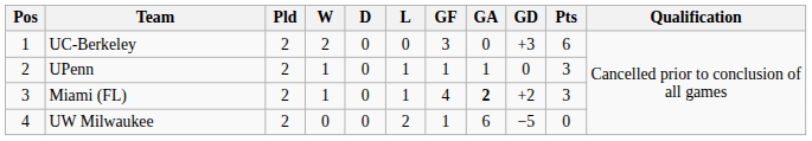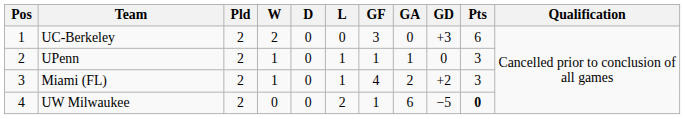 <table class="wikitable" style="text-align:center; margin: 1em auto">
 <tr>
 <th style="width:2em">Pos</th>
 <th style="width:13em">Team</th>
 <th style="width:2em">Pld</th>
 <th style="width:2em">W</th>
 <th style="width:2em">D</th>
 <th style="width:2em">L</th>
 <th style="width:2em">GF</th>
 <th style="width:2em">GA</th>
 <th style="width:2em">GD</th>
 <th style="width:2em">Pts</th>
 <th style="width:13em">Qualification</th>
 </tr>
 <tr>
 <td>1</td>
 <td style="text-align:left">UC-Berkeley</td>
 <td>2</td>
 <td>2</td>
 <td>0</td>
 <td>0</td>
 <td>3</td>
 <td>0</td>
 <td>+3</td>
 <td>6</td>
 <td rowspan="4">Cancelled prior to conclusion of all games</td>
 </tr>
 <tr>
 <td>2</td>
 <td style="text-align:left">UPenn</td>
 <td>2</td>
 <td>1</td>
 <td>0</td>
 <td>1</td>
 <td>1</td>
 <td>1</td>
 <td>0</td>
 <td>3</td>
 </tr>
 <tr>
 <td>3</td>
 <td style="text-align:left">Miami (FL)</td>
 <td>2</td>
 <td>1</td>
 <td>0</td>
 <td>1</td>
 <td>4</td>
-<td><strong>2</strong></td>
+<td>2</td>
 <td>+2</td>
 <td>3</td>
 </tr>
 <tr>
 <td>4</td>
 <td style="text-align:left">UW Milwaukee</td>
 <td>2</td>
 <td>0</td>
 <td>0</td>
 <td>2</td>
 <td>1</td>
 <td>6</td>
 <td>−5</td>
-<td>0</td>
+<td><strong>0</strong></td>
 </tr>
 </table>
